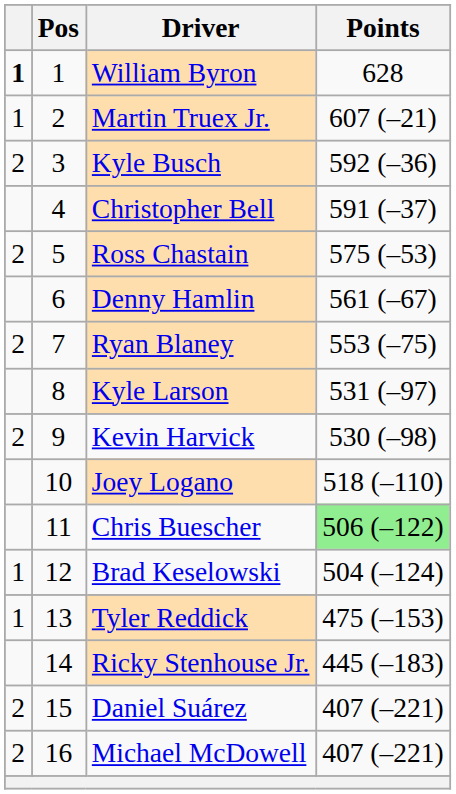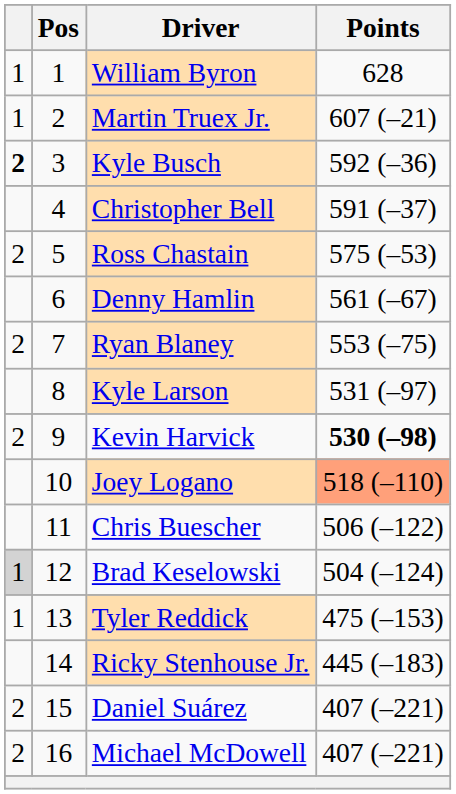 <table class="wikitable" style="font-size: 95%;">
 <tr>
 <th></th>
 <th>Pos</th>
 <th>Driver</th>
 <th>Points</th>
 </tr>
 <tr>
-<td align="left"><strong> 1</strong></td>
+<td align="left"> 1</td>
 <td style="text-align:center;">1</td>
 <td style="background:#FFDEAD;"><a href='#'>William Byron</a></td>
 <td style="text-align:center;">628</td>
 </tr>
 <tr>
 <td align="left"> 1</td>
 <td style="text-align:center;">2</td>
 <td style="background:#FFDEAD;"><a href='#'>Martin Truex Jr.</a></td>
 <td style="text-align:center;">607 (–21)</td>
 </tr>
 <tr>
-<td align="left"> 2</td>
+<td align="left"><strong> 2</strong></td>
 <td style="text-align:center;">3</td>
 <td style="background:#FFDEAD;"><a href='#'>Kyle Busch</a></td>
 <td style="text-align:center;">592 (–36)</td>
 </tr>
 <tr>
 <td align="left"></td>
 <td style="text-align:center;">4</td>
 <td style="background:#FFDEAD;"><a href='#'>Christopher Bell</a></td>
 <td style="text-align:center;">591 (–37)</td>
 </tr>
 <tr>
 <td align="left"> 2</td>
 <td style="text-align:center;">5</td>
 <td style="background:#FFDEAD;"><a href='#'>Ross Chastain</a></td>
 <td style="text-align:center;">575 (–53)</td>
 </tr>
 <tr>
 <td align="left"></td>
 <td style="text-align:center;">6</td>
 <td style="background:#FFDEAD;"><a href='#'>Denny Hamlin</a></td>
 <td style="text-align:center;">561 (–67)</td>
 </tr>
 <tr>
 <td align="left"> 2</td>
 <td style="text-align:center;">7</td>
 <td style="background:#FFDEAD;"><a href='#'>Ryan Blaney</a></td>
 <td style="text-align:center;">553 (–75)</td>
 </tr>
 <tr>
 <td align="left"></td>
 <td style="text-align:center;">8</td>
 <td style="background:#FFDEAD;"><a href='#'>Kyle Larson</a></td>
 <td style="text-align:center;">531 (–97)</td>
 </tr>
 <tr>
 <td align="left"> 2</td>
 <td style="text-align:center;">9</td>
 <td><a href='#'>Kevin Harvick</a></td>
-<td style="text-align:center;">530 (–98)</td>
+<td style="text-align:center;"><strong>530 (–98)</strong></td>
 </tr>
 <tr>
 <td align="left"></td>
 <td style="text-align:center;">10</td>
 <td style="background:#FFDEAD;"><a href='#'>Joey Logano</a></td>
-<td style="text-align:center;">518 (–110)</td>
+<td style="background: lightsalmon; text-align:center;">518 (–110)</td>
 </tr>
 <tr>
 <td align="left"></td>
 <td style="text-align:center;">11</td>
 <td><a href='#'>Chris Buescher</a></td>
-<td style="background: lightgreen; text-align:center;">506 (–122)</td>
+<td style="text-align:center;">506 (–122)</td>
 </tr>
 <tr>
-<td align="left"> 1</td>
+<td align="left" style="background: lightgrey;"> 1</td>
 <td style="text-align:center;">12</td>
 <td><a href='#'>Brad Keselowski</a></td>
 <td style="text-align:center;">504 (–124)</td>
 </tr>
 <tr>
 <td align="left"> 1</td>
 <td style="text-align:center;">13</td>
 <td style="background:#FFDEAD;"><a href='#'>Tyler Reddick</a></td>
 <td style="text-align:center;">475 (–153)</td>
 </tr>
 <tr>
 <td align="left"></td>
 <td style="text-align:center;">14</td>
 <td style="background:#FFDEAD;"><a href='#'>Ricky Stenhouse Jr.</a></td>
 <td style="text-align:center;">445 (–183)</td>
 </tr>
 <tr>
 <td align="left"> 2</td>
 <td style="text-align:center;">15</td>
 <td><a href='#'>Daniel Suárez</a></td>
 <td style="text-align:center;">407 (–221)</td>
 </tr>
 <tr>
 <td align="left"> 2</td>
 <td style="text-align:center;">16</td>
 <td><a href='#'>Michael McDowell</a></td>
 <td style="text-align:center;">407 (–221)</td>
 </tr>
 <tr class="sortbottom">
 <th colspan="9"></th>
 </tr>
 </table>
